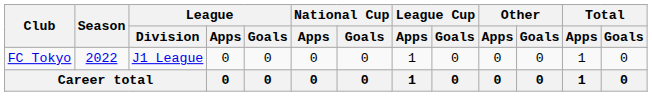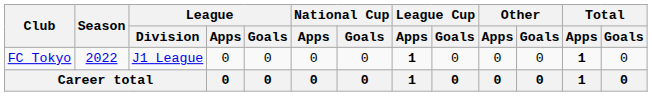 <table class="wikitable" style="text-align: center">
 <tr>
 <th rowspan="2">Club</th>
 <th rowspan="2">Season</th>
 <th colspan="3">League</th>
 <th colspan="2">National Cup</th>
 <th colspan="2">League Cup</th>
 <th colspan="2">Other</th>
 <th colspan="2">Total</th>
 </tr>
 <tr>
 <th>Division</th>
 <th>Apps</th>
 <th>Goals</th>
 <th>Apps</th>
 <th>Goals</th>
 <th>Apps</th>
 <th>Goals</th>
 <th>Apps</th>
 <th>Goals</th>
 <th>Apps</th>
 <th>Goals</th>
 </tr>
 <tr>
 <td><a href='#'>FC Tokyo</a></td>
 <td><a href='#'>2022</a></td>
 <td><a href='#'>J1 League</a></td>
 <td>0</td>
 <td>0</td>
 <td>0</td>
 <td>0</td>
-<td>1</td>
+<td><strong>1</strong></td>
 <td>0</td>
 <td>0</td>
 <td>0</td>
-<td>1</td>
+<td><strong>1</strong></td>
 <td>0</td>
 </tr>
 <tr>
 <th colspan=3>Career total</th>
 <th>0</th>
 <th>0</th>
 <th>0</th>
 <th>0</th>
 <th>1</th>
 <th>0</th>
 <th>0</th>
 <th>0</th>
 <th>1</th>
 <th>0</th>
 </tr>
 </table>
